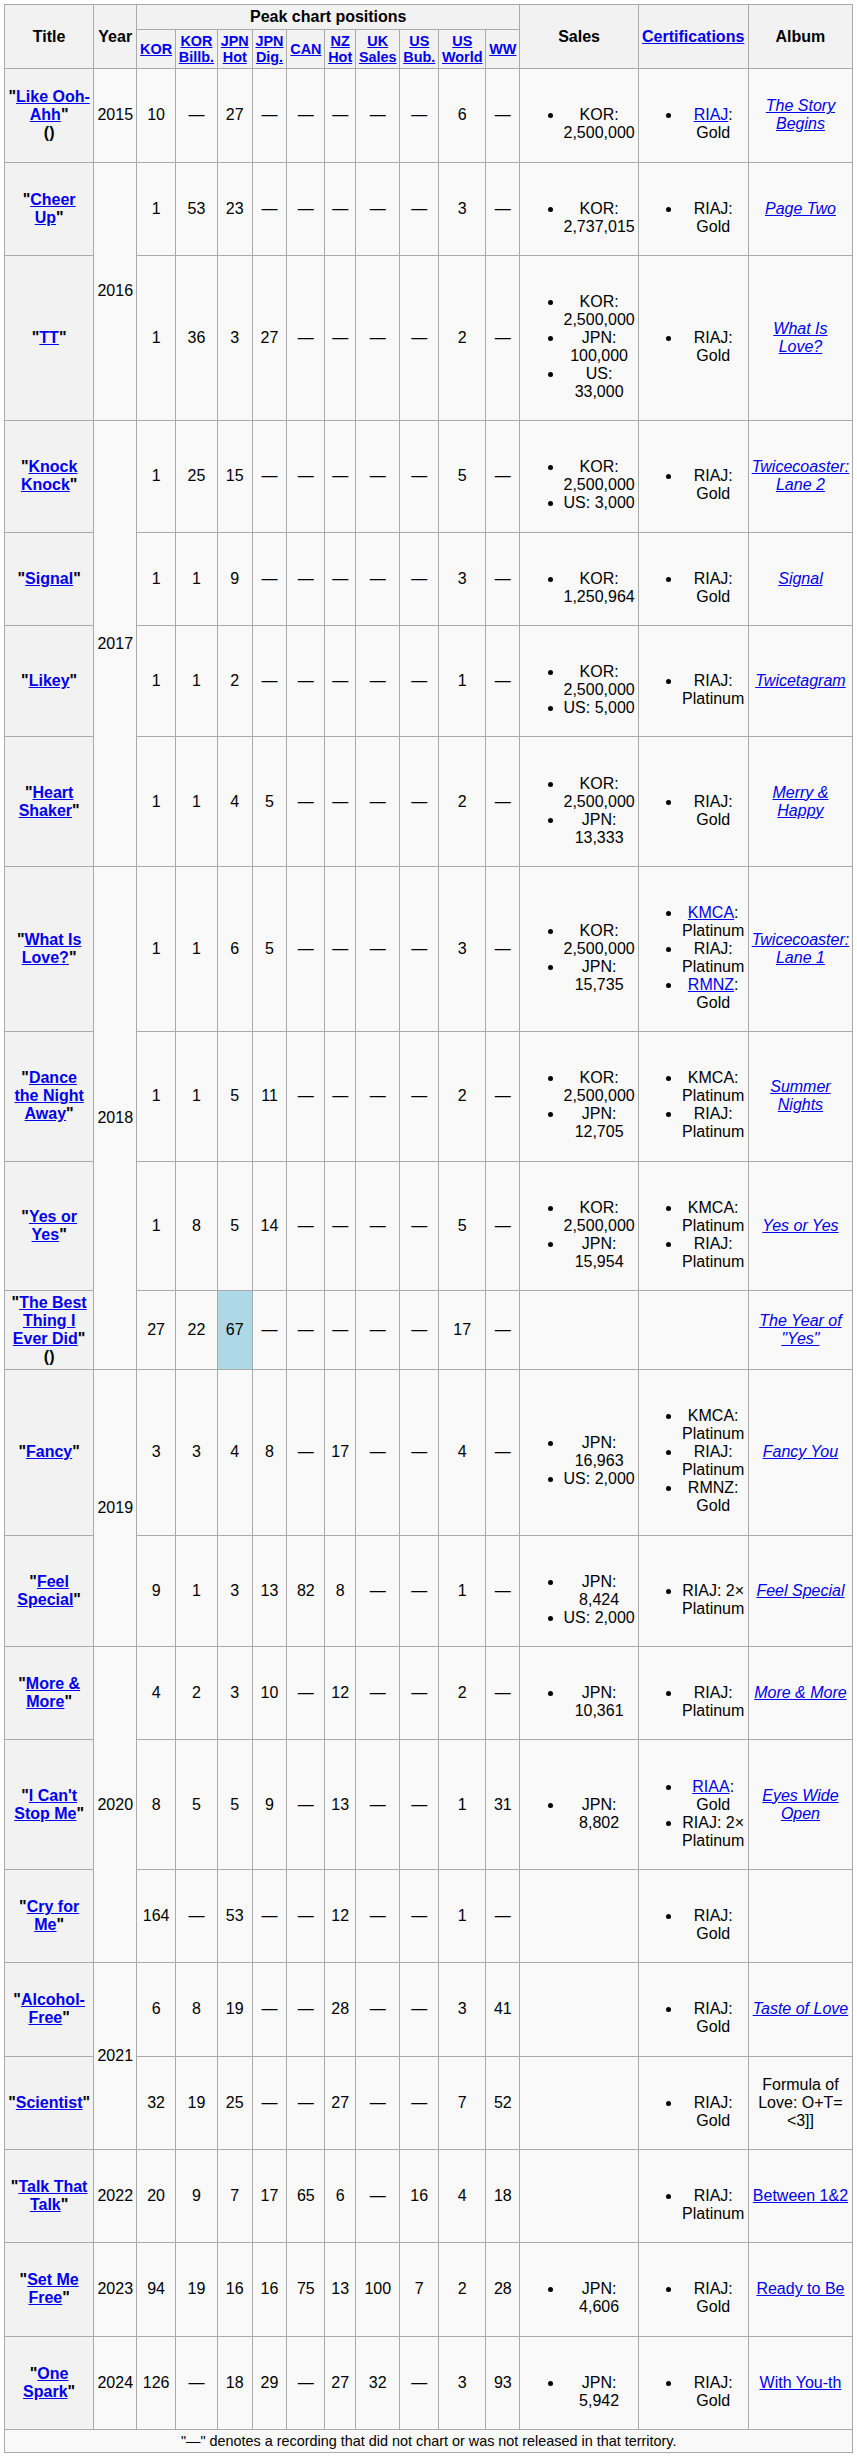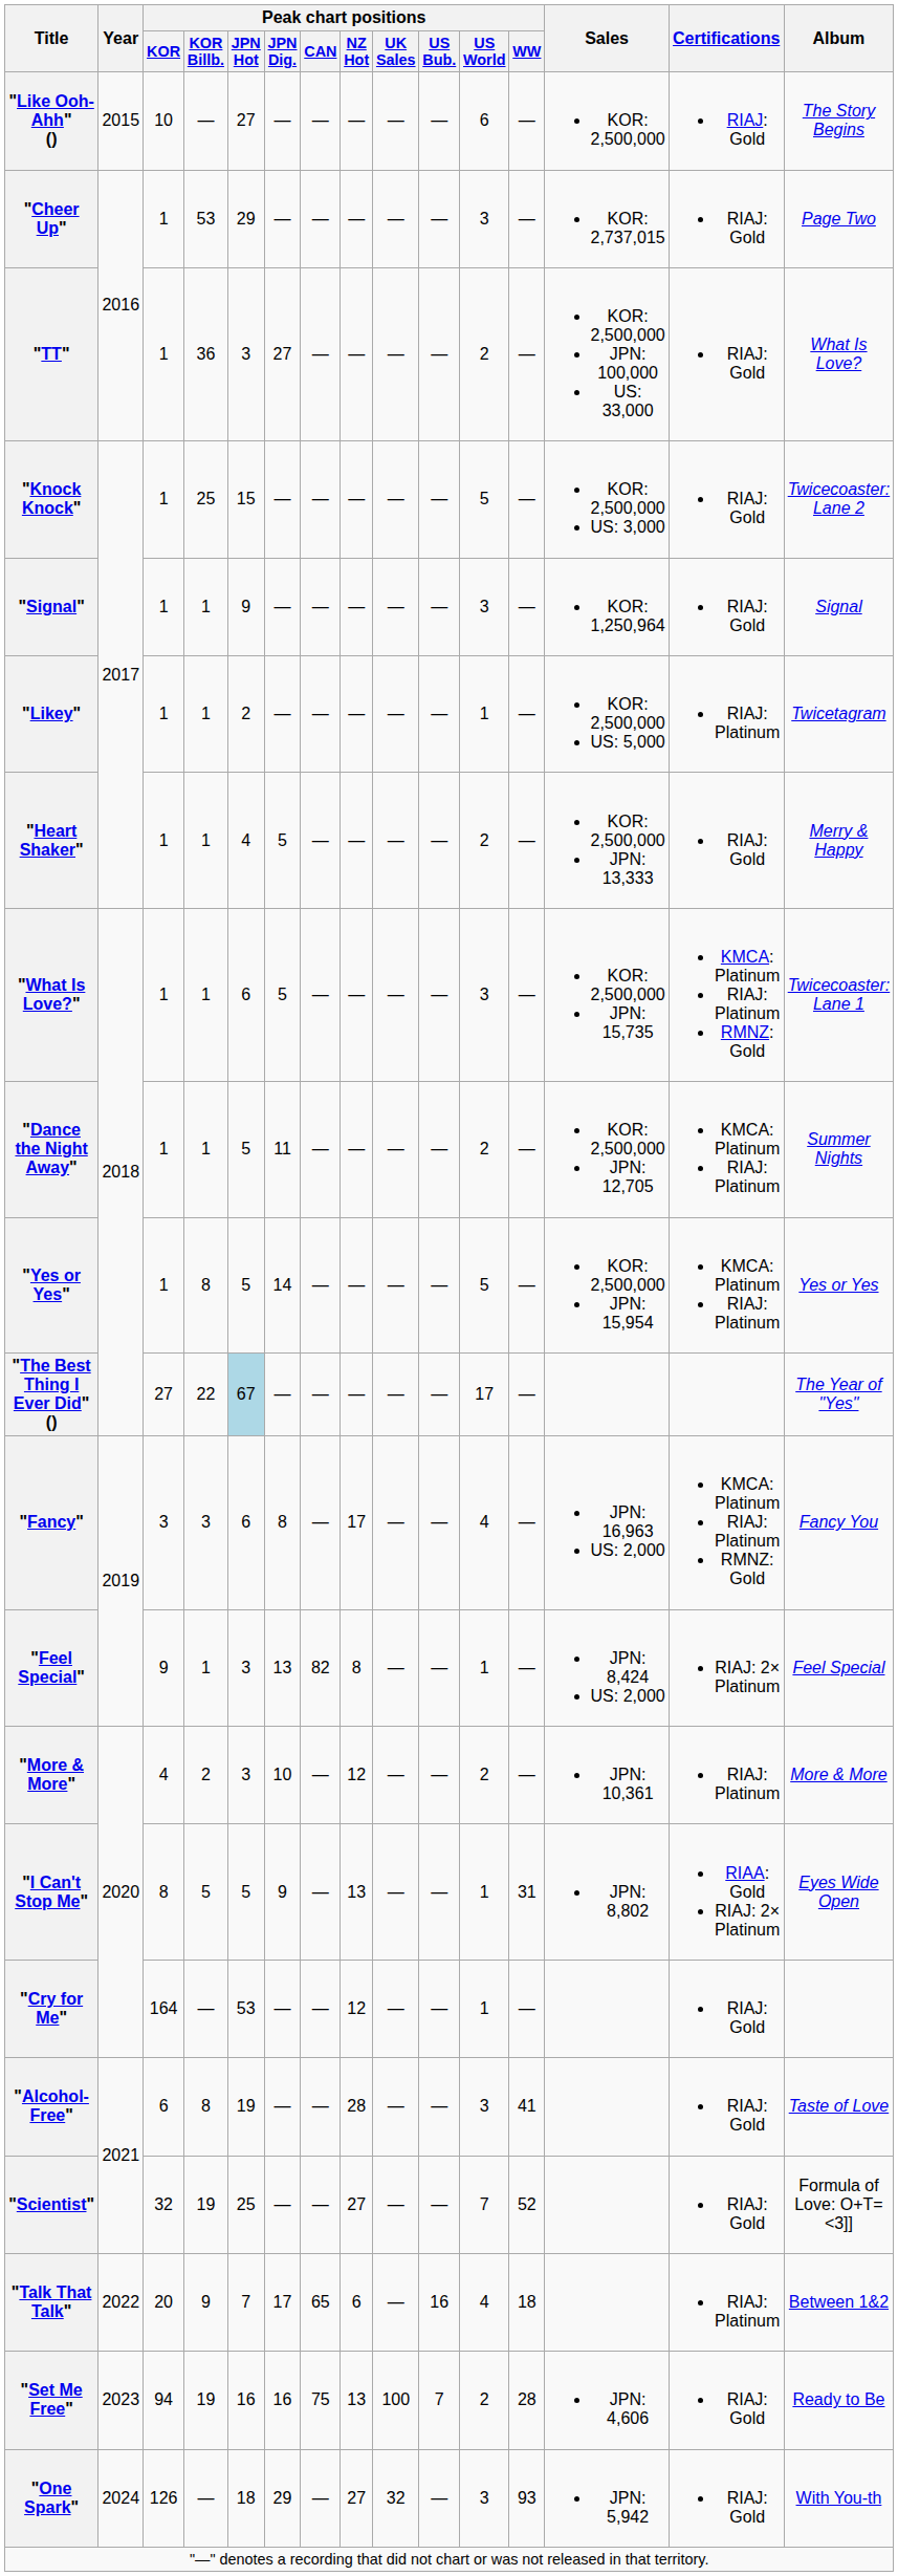 <table class="wikitable plainrowheaders" style="text-align:center">
 <tr>
 <th scope="col" rowspan=2 style="width:15.5em">Title</th>
 <th scope="col" rowspan=2 style="width:1em">Year</th>
 <th scope="col" colspan=10>Peak chart positions</th>
 <th scope="col" rowspan=2 style="width:11em">Sales</th>
 <th scope="col" rowspan=2><a href='#'>Certifications</a></th>
 <th scope="col" rowspan=2>Album</th>
 </tr>
 <tr>
 <th scope="col" style="width:2.75em;font-size:90%"><a href='#'>KOR</a><br></th>
 <th scope="col" style="width:2.75em;font-size:90%"><a href='#'>KOR<br>Billb.</a><br></th>
 <th scope="col" style="width:2.75em;font-size:90%"><a href='#'>JPN<br>Hot</a><br></th>
 <th scope="col" style="width:2.75em;font-size:90%"><a href='#'>JPN Dig.</a><br></th>
 <th scope="col" style="width:2.75em; font-size:90%"><a href='#'>CAN</a><br></th>
 <th scope="col" style="width:2.75em;font-size:90%"><a href='#'>NZ<br>Hot</a><br></th>
 <th scope="col" style="width:2.75em;font-size:90%"><a href='#'>UK Sales</a><br></th>
 <th scope="col" style="width:2.75em;font-size:90%"><a href='#'>US Bub.</a><br></th>
 <th scope="col" style="width:2.75em;font-size:90%"><a href='#'>US<br>World</a><br></th>
 <th scope="col" style="width:2.75em;font-size:90%"><a href='#'>WW</a><br></th>
 </tr>
 <tr>
 <th scope=row>"<a href='#'>Like Ooh-Ahh</a>"<br>()</th>
 <td>2015</td>
 <td>10</td>
 <td>—</td>
 <td>27</td>
 <td>—</td>
 <td>—</td>
 <td>—</td>
 <td>—</td>
 <td>—</td>
 <td>6</td>
 <td>—</td>
 <td><br><ul><li>KOR: 2,500,000</li></ul></td>
 <td><br><ul><li><a href='#'>RIAJ</a>: Gold</li></ul></td>
 <td><em><a href='#'>The Story Begins</a></em></td>
 </tr>
 <tr>
 <th scope=row>"<a href='#'>Cheer Up</a>"</th>
 <td rowspan=2>2016</td>
 <td>1</td>
 <td>53</td>
-<td>23</td>
+<td>29</td>
 <td>—</td>
 <td>—</td>
 <td>—</td>
 <td>—</td>
 <td>—</td>
 <td>3</td>
 <td>—</td>
 <td><br><ul><li>KOR: 2,737,015</li></ul></td>
 <td><br><ul><li>RIAJ: Gold</li></ul></td>
 <td><em><a href='#'>Page Two</a></em></td>
 </tr>
 <tr>
 <th scope=row>"<a href='#'>TT</a>"</th>
 <td>1</td>
 <td>36</td>
 <td>3</td>
 <td>27</td>
 <td>—</td>
 <td>—</td>
 <td>—</td>
 <td>—</td>
 <td>2</td>
 <td>—</td>
 <td><br><ul><li>KOR: 2,500,000</li><li>JPN: 100,000</li><li>US: 33,000</li></ul></td>
 <td><br><ul><li>RIAJ: Gold</li></ul></td>
 <td><em><a href='#'>What Is Love?</a></em></td>
 </tr>
 <tr>
 <th scope=row>"<a href='#'>Knock Knock</a>"</th>
 <td rowspan=4>2017</td>
 <td>1</td>
 <td>25</td>
 <td>15</td>
 <td>—</td>
 <td>—</td>
 <td>—</td>
 <td>—</td>
 <td>—</td>
 <td>5</td>
 <td>—</td>
 <td><br><ul><li>KOR: 2,500,000</li><li>US: 3,000</li></ul></td>
 <td><br><ul><li>RIAJ: Gold</li></ul></td>
 <td><em><a href='#'>Twicecoaster: Lane 2</a></em></td>
 </tr>
 <tr>
 <th scope=row>"<a href='#'>Signal</a>"</th>
 <td>1</td>
 <td>1</td>
 <td>9</td>
 <td>—</td>
 <td>—</td>
 <td>—</td>
 <td>—</td>
 <td>—</td>
 <td>3</td>
 <td>—</td>
 <td><br><ul><li>KOR: 1,250,964</li></ul></td>
 <td><br><ul><li>RIAJ: Gold</li></ul></td>
 <td><em><a href='#'>Signal</a></em></td>
 </tr>
 <tr>
 <th scope=row>"<a href='#'>Likey</a>"</th>
 <td>1</td>
 <td>1</td>
 <td>2</td>
 <td>—</td>
 <td>—</td>
 <td>—</td>
 <td>—</td>
 <td>—</td>
 <td>1</td>
 <td>—</td>
 <td><br><ul><li>KOR: 2,500,000</li><li>US: 5,000</li></ul></td>
 <td><br><ul><li>RIAJ: Platinum</li></ul></td>
 <td><em><a href='#'>Twicetagram</a></em></td>
 </tr>
 <tr>
 <th scope=row>"<a href='#'>Heart Shaker</a>"</th>
 <td>1</td>
 <td>1</td>
 <td>4</td>
 <td>5</td>
 <td>—</td>
 <td>—</td>
 <td>—</td>
 <td>—</td>
 <td>2</td>
 <td>—</td>
 <td><br><ul><li>KOR: 2,500,000</li><li>JPN: 13,333</li></ul></td>
 <td><br><ul><li>RIAJ: Gold</li></ul></td>
 <td><em><a href='#'>Merry & Happy</a></em></td>
 </tr>
 <tr>
 <th scope=row>"<a href='#'>What Is Love?</a>"</th>
 <td rowspan=4>2018</td>
 <td>1</td>
 <td>1</td>
 <td>6</td>
 <td>5</td>
 <td>—</td>
 <td>—</td>
 <td>—</td>
 <td>—</td>
 <td>3</td>
 <td>—</td>
 <td><br><ul><li>KOR: 2,500,000</li><li>JPN: 15,735</li></ul></td>
 <td><br><ul><li><a href='#'>KMCA</a>: Platinum</li><li>RIAJ: Platinum</li><li><a href='#'>RMNZ</a>: Gold</li></ul></td>
 <td><em><a href='#'>Twicecoaster: Lane 1</a></em></td>
 </tr>
 <tr>
 <th scope=row>"<a href='#'>Dance the Night Away</a>"</th>
 <td>1</td>
 <td>1</td>
 <td>5</td>
 <td>11</td>
 <td>—</td>
 <td>—</td>
 <td>—</td>
 <td>—</td>
 <td>2</td>
 <td>—</td>
 <td><br><ul><li>KOR: 2,500,000</li><li>JPN: 12,705</li></ul></td>
 <td><br><ul><li>KMCA: Platinum</li><li>RIAJ: Platinum</li></ul></td>
 <td><em><a href='#'>Summer Nights</a></em></td>
 </tr>
 <tr>
 <th scope=row>"<a href='#'>Yes or Yes</a>"</th>
 <td>1</td>
 <td>8</td>
 <td>5</td>
 <td>14</td>
 <td>—</td>
 <td>—</td>
 <td>—</td>
 <td>—</td>
 <td>5</td>
 <td>—</td>
 <td><br><ul><li>KOR: 2,500,000</li><li>JPN: 15,954</li></ul></td>
 <td><br><ul><li>KMCA: Platinum</li><li>RIAJ: Platinum</li></ul></td>
 <td><em><a href='#'>Yes or Yes</a></em></td>
 </tr>
 <tr>
 <th scope=row>"<a href='#'>The Best Thing I Ever Did</a>" ()</th>
 <td>27</td>
 <td>22</td>
 <td style="background: lightblue;">67</td>
 <td>—</td>
 <td>—</td>
 <td>—</td>
 <td>—</td>
 <td>—</td>
 <td>17</td>
 <td>—</td>
 <td></td>
 <td></td>
 <td><em><a href='#'>The Year of "Yes"</a></em></td>
 </tr>
 <tr>
 <th scope=row>"<a href='#'>Fancy</a>"</th>
 <td rowspan=2>2019</td>
 <td>3</td>
 <td>3</td>
-<td>4</td>
+<td>6</td>
 <td>8</td>
 <td>—</td>
 <td>17</td>
 <td>—</td>
 <td>—</td>
 <td>4</td>
 <td>—</td>
 <td><br><ul><li>JPN: 16,963</li><li>US: 2,000</li></ul></td>
 <td><br><ul><li>KMCA: Platinum</li><li>RIAJ: Platinum</li><li>RMNZ: Gold</li></ul></td>
 <td><em><a href='#'>Fancy You</a></em></td>
 </tr>
 <tr>
 <th scope=row>"<a href='#'>Feel Special</a>"</th>
 <td>9</td>
 <td>1</td>
 <td>3</td>
 <td>13</td>
 <td>82</td>
 <td>8</td>
 <td>—</td>
 <td>—</td>
 <td>1</td>
 <td>—</td>
 <td><br><ul><li>JPN: 8,424</li><li>US: 2,000</li></ul></td>
 <td><br><ul><li>RIAJ: 2× Platinum</li></ul></td>
 <td><em><a href='#'>Feel Special</a></em></td>
 </tr>
 <tr>
 <th scope=row>"<a href='#'>More & More</a>"</th>
 <td rowspan=3>2020</td>
 <td>4</td>
 <td>2</td>
 <td>3</td>
 <td>10</td>
 <td>—</td>
 <td>12</td>
 <td>—</td>
 <td>—</td>
 <td>2</td>
 <td>—</td>
 <td><br><ul><li>JPN: 10,361</li></ul></td>
 <td><br><ul><li>RIAJ: Platinum</li></ul></td>
 <td><em><a href='#'>More & More</a></em></td>
 </tr>
 <tr>
 <th scope=row>"<a href='#'>I Can't Stop Me</a>"</th>
 <td>8</td>
 <td>5</td>
 <td>5</td>
 <td>9</td>
 <td>—</td>
 <td>13</td>
 <td>—</td>
 <td>—</td>
 <td>1</td>
 <td>31</td>
 <td><br><ul><li>JPN: 8,802</li></ul></td>
 <td><br><ul><li><a href='#'>RIAA</a>: Gold</li><li>RIAJ: 2× Platinum</li></ul></td>
 <td><em><a href='#'>Eyes Wide Open</a></em></td>
 </tr>
 <tr>
 <th scope=row>"<a href='#'>Cry for Me</a>"</th>
 <td>164</td>
 <td>—</td>
 <td>53</td>
 <td>—</td>
 <td>—</td>
 <td>12</td>
 <td>—</td>
 <td>—</td>
 <td>1</td>
 <td>—</td>
 <td></td>
 <td><br><ul><li>RIAJ: Gold</li></ul></td>
 <td></td>
 </tr>
 <tr>
 <th scope=row>"<a href='#'>Alcohol-Free</a>"</th>
 <td rowspan=2>2021</td>
 <td>6</td>
 <td>8</td>
 <td>19</td>
 <td>—</td>
 <td>—</td>
 <td>28</td>
 <td>—</td>
 <td>—</td>
 <td>3</td>
 <td>41</td>
 <td></td>
 <td><br><ul><li>RIAJ: Gold</li></ul></td>
 <td><em><a href='#'>Taste of Love</a></em></td>
 </tr>
 <tr>
 <th scope=row>"<a href='#'>Scientist</a>"</th>
 <td>32</td>
 <td>19</td>
 <td>25</td>
 <td>—</td>
 <td>—</td>
 <td>27</td>
 <td>—</td>
 <td>—</td>
 <td>7</td>
 <td>52</td>
 <td></td>
 <td><br><ul><li>RIAJ: Gold</li></ul></td>
 <td>Formula of Love: O+T=<3]]<em></td>
 </tr>
 <tr>
 <th scope=row>"<a href='#'>Talk That Talk</a>"</th>
 <td>2022</td>
 <td>20</td>
 <td>9</td>
 <td>7</td>
 <td>17</td>
 <td>65</td>
 <td>6</td>
 <td>—</td>
 <td>16</td>
 <td>4</td>
 <td>18</td>
 <td></td>
 <td><br><ul><li>RIAJ: Platinum</li></ul></td>
 <td></em><a href='#'>Between 1&2</a><em></td>
 </tr>
 <tr>
 <th scope=row>"<a href='#'>Set Me Free</a>"</th>
 <td>2023</td>
 <td>94</td>
 <td>19</td>
 <td>16</td>
 <td>16</td>
 <td>75</td>
 <td>13</td>
 <td>100</td>
 <td>7</td>
 <td>2</td>
 <td>28</td>
 <td><br><ul><li>JPN: 4,606</li></ul></td>
 <td><br><ul><li>RIAJ: Gold</li></ul></td>
 <td></em><a href='#'>Ready to Be</a><em></td>
 </tr>
 <tr>
 <th scope=row>"<a href='#'>One Spark</a>"</th>
 <td>2024</td>
 <td>126</td>
 <td>—</td>
 <td>18</td>
 <td>29</td>
 <td>—</td>
 <td>27</td>
 <td>32</td>
 <td>—</td>
 <td>3</td>
 <td>93</td>
 <td><br><ul><li>JPN: 5,942</li></ul></td>
 <td><br><ul><li>RIAJ: Gold</li></ul></td>
 <td></em><a href='#'>With You-th</a><em></td>
 </tr>
 <tr>
 <td colspan=15 style="font-size:90%">"—" denotes a recording that did not chart or was not released in that territory.</td>
 </tr>
 </table>
